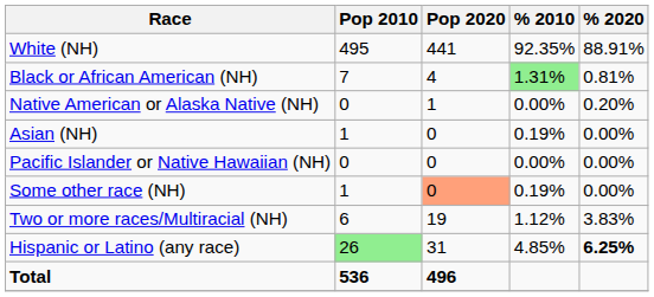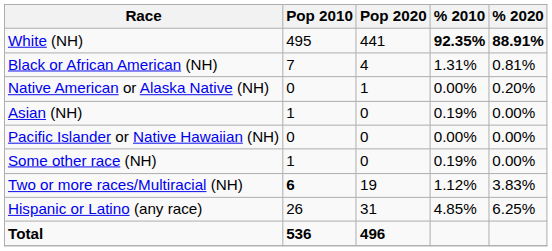 <table class="wikitable">
 <tr>
 <th>Race</th>
 <th>Pop 2010</th>
 <th>Pop 2020</th>
 <th>% 2010</th>
 <th>% 2020</th>
 </tr>
 <tr>
 <td><a href='#'>White</a> (NH)</td>
 <td>495</td>
 <td>441</td>
-<td>92.35%</td>
-<td>88.91%</td>
+<td><strong>92.35%</strong></td>
+<td><strong>88.91%</strong></td>
 </tr>
 <tr>
 <td><a href='#'>Black or African American</a> (NH)</td>
 <td>7</td>
 <td>4</td>
-<td style="background: lightgreen;">1.31%</td>
+<td>1.31%</td>
 <td>0.81%</td>
 </tr>
 <tr>
 <td><a href='#'>Native American</a> or <a href='#'>Alaska Native</a> (NH)</td>
 <td>0</td>
 <td>1</td>
 <td>0.00%</td>
 <td>0.20%</td>
 </tr>
 <tr>
 <td><a href='#'>Asian</a> (NH)</td>
 <td>1</td>
 <td>0</td>
 <td>0.19%</td>
 <td>0.00%</td>
 </tr>
 <tr>
 <td><a href='#'>Pacific Islander</a> or <a href='#'>Native Hawaiian</a> (NH)</td>
 <td>0</td>
 <td>0</td>
 <td>0.00%</td>
 <td>0.00%</td>
 </tr>
 <tr>
 <td><a href='#'>Some other race</a> (NH)</td>
 <td>1</td>
-<td style="background: lightsalmon;">0</td>
+<td>0</td>
 <td>0.19%</td>
 <td>0.00%</td>
 </tr>
 <tr>
 <td><a href='#'>Two or more races/Multiracial</a> (NH)</td>
-<td>6</td>
+<td><strong>6</strong></td>
 <td>19</td>
 <td>1.12%</td>
 <td>3.83%</td>
 </tr>
 <tr>
 <td><a href='#'>Hispanic or Latino</a> (any race)</td>
-<td style="background: lightgreen;">26</td>
+<td>26</td>
 <td>31</td>
 <td>4.85%</td>
-<td><strong>6.25%</strong></td>
+<td>6.25%</td>
 </tr>
 <tr>
 <td><strong>Total</strong></td>
 <td><strong>536</strong></td>
 <td><strong>496</strong></td>
 <td></td>
 <td></td>
 </tr>
 <tr>
 </tr>
 </table>
